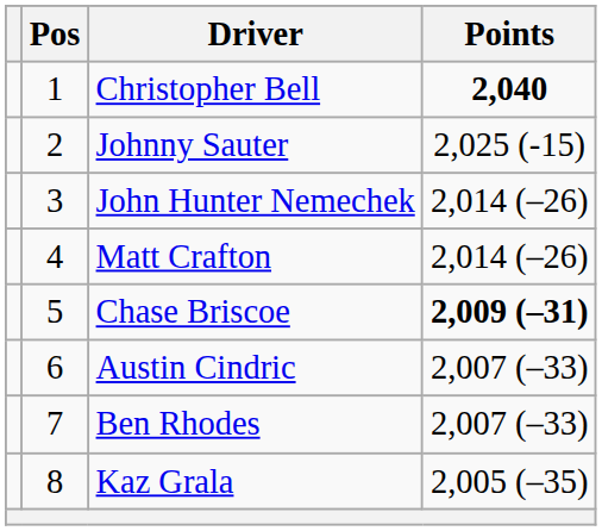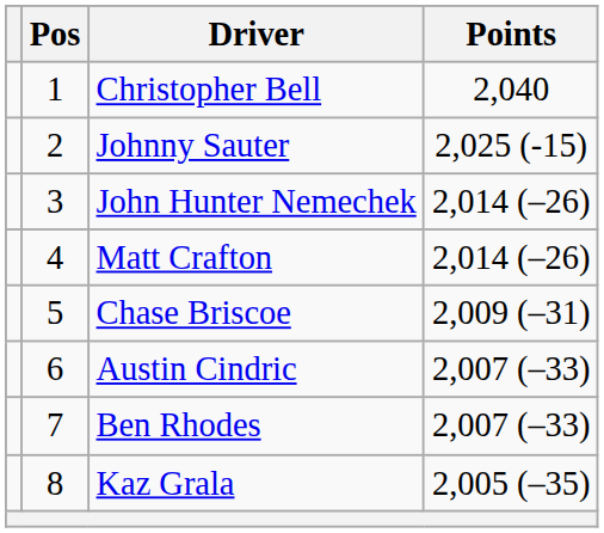 <table class="wikitable" style="font-size: 95%;">
 <tr>
 <th></th>
 <th>Pos</th>
 <th>Driver</th>
 <th>Points</th>
 </tr>
 <tr>
 <td align="left"></td>
 <td style="text-align:center;">1</td>
 <td><a href='#'>Christopher Bell</a></td>
-<td style="text-align:center;"><strong>2,040</strong></td>
+<td style="text-align:center;">2,040</td>
 </tr>
 <tr>
 <td align="left"></td>
 <td style="text-align:center;">2</td>
 <td><a href='#'>Johnny Sauter</a></td>
 <td style="text-align:center;">2,025 (-15)</td>
 </tr>
 <tr>
 <td align="left"></td>
 <td style="text-align:center;">3</td>
 <td><a href='#'>John Hunter Nemechek</a></td>
 <td style="text-align:center;">2,014 (–26)</td>
 </tr>
 <tr>
 <td align="left"></td>
 <td style="text-align:center;">4</td>
 <td><a href='#'>Matt Crafton</a></td>
 <td style="text-align:center;">2,014 (–26)</td>
 </tr>
 <tr>
 <td align="left"></td>
 <td style="text-align:center;">5</td>
 <td><a href='#'>Chase Briscoe</a></td>
-<td style="text-align:center;"><strong>2,009 (–31)</strong></td>
+<td style="text-align:center;">2,009 (–31)</td>
 </tr>
 <tr>
 <td align="left"></td>
 <td style="text-align:center;">6</td>
 <td><a href='#'>Austin Cindric</a></td>
 <td style="text-align:center;">2,007 (–33)</td>
 </tr>
 <tr>
 <td align="left"></td>
 <td style="text-align:center;">7</td>
 <td><a href='#'>Ben Rhodes</a></td>
 <td style="text-align:center;">2,007 (–33)</td>
 </tr>
 <tr>
 <td align="left"></td>
 <td style="text-align:center;">8</td>
 <td><a href='#'>Kaz Grala</a></td>
 <td style="text-align:center;">2,005 (–35)</td>
 </tr>
 <tr class="sortbottom">
 <th colspan="9"></th>
 </tr>
 </table>
